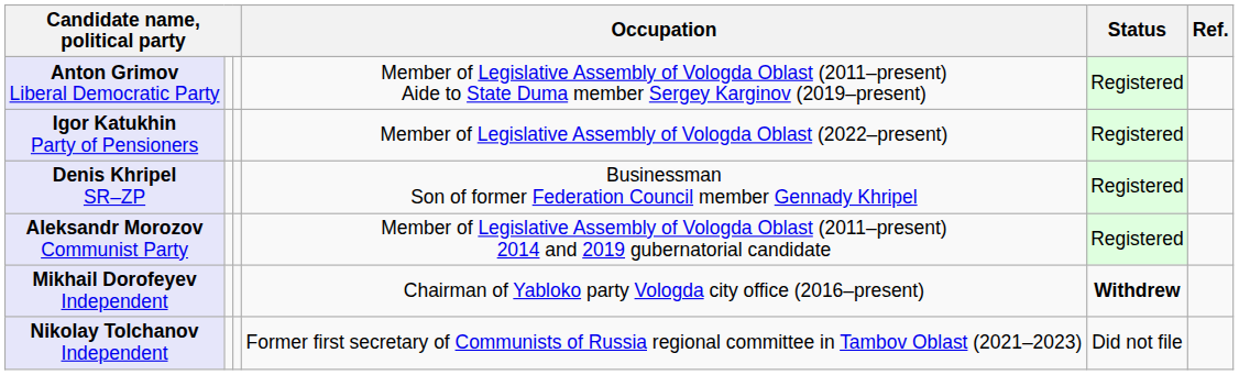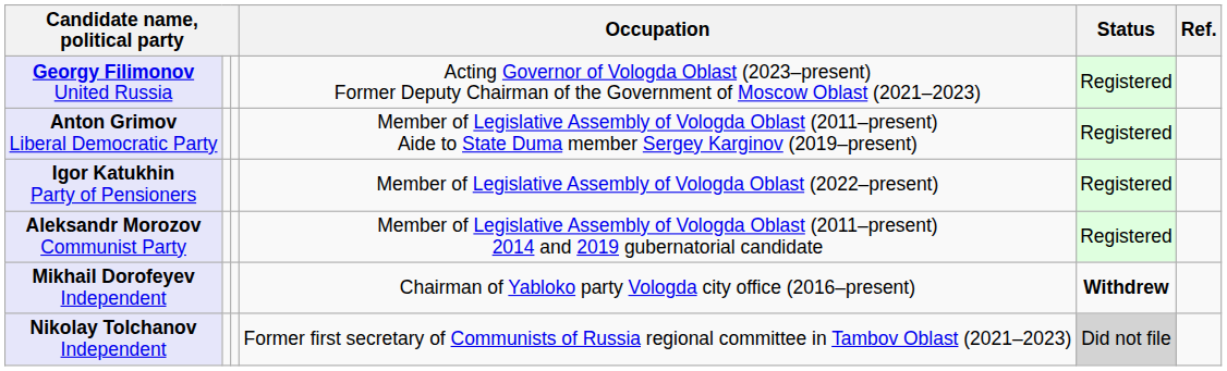 <table class="wikitable" style="text-align:center;">
 <tr>
 <th colspan="3">Candidate name,<br>political party</th>
 <th>Occupation</th>
 <th>Status</th>
 <th>Ref.</th>
+</tr>
+<tr>
+<td style="background:lavender;"><strong><a href='#'>Georgy Filimonov</a></strong><br><a href='#'>United Russia</a></td>
+<td style="background-color:"></td>
+<td></td>
+<td>Acting <a href='#'>Governor of Vologda Oblast</a> (2023–present)<br>Former Deputy Chairman of the Government of <a href='#'>Moscow Oblast</a> (2021–2023)</td>
+<td bgcolor="#DFFFDF">Registered</td>
+<td></td>
 </tr>
 <tr>
 <td style="background:lavender;"><strong>Anton Grimov</strong><br><a href='#'>Liberal Democratic Party</a></td>
 <td style="background-color:"></td>
 <td></td>
 <td>Member of <a href='#'>Legislative Assembly of Vologda Oblast</a> (2011–present)<br>Aide to <a href='#'>State Duma</a> member <a href='#'>Sergey Karginov</a> (2019–present)</td>
 <td bgcolor="#DFFFDF">Registered</td>
 <td></td>
 </tr>
 <tr>
 <td style="background:lavender;"><strong>Igor Katukhin</strong><br><a href='#'>Party of Pensioners</a></td>
 <td style="background-color:"></td>
 <td></td>
 <td>Member of <a href='#'>Legislative Assembly of Vologda Oblast</a> (2022–present)</td>
-<td bgcolor="#DFFFDF">Registered</td>
-<td></td>
-</tr>
-<tr>
-<td style="background:lavender;"><strong>Denis Khripel</strong><br><a href='#'>SR–ZP</a></td>
-<td style="background-color:"></td>
-<td></td>
-<td>Businessman<br>Son of former <a href='#'>Federation Council</a> member <a href='#'>Gennady Khripel</a></td>
 <td bgcolor="#DFFFDF">Registered</td>
 <td></td>
 </tr>
 <tr>
 <td style="background:lavender;"><strong>Aleksandr Morozov</strong><br><a href='#'>Communist Party</a></td>
 <td style="background-color:"></td>
 <td></td>
 <td>Member of <a href='#'>Legislative Assembly of Vologda Oblast</a> (2011–present)<br><a href='#'>2014</a> and <a href='#'>2019</a> gubernatorial candidate</td>
 <td bgcolor="#DFFFDF">Registered</td>
 <td></td>
 </tr>
 <tr>
 <td style="background:lavender;"><strong>Mikhail Dorofeyev</strong><br><a href='#'>Independent</a></td>
 <td style="background-color:"></td>
 <td></td>
 <td>Chairman of <a href='#'>Yabloko</a> party <a href='#'>Vologda</a> city office (2016–present)</td>
 <td><strong>Withdrew</strong></td>
 <td></td>
 </tr>
 <tr>
 <td style="background:lavender;"><strong>Nikolay Tolchanov</strong><br><a href='#'>Independent</a></td>
 <td style="background-color:"></td>
 <td></td>
 <td>Former first secretary of <a href='#'>Communists of Russia</a> regional committee in <a href='#'>Tambov Oblast</a> (2021–2023)</td>
-<td>Did not file</td>
+<td style="background: lightgrey;">Did not file</td>
 <td></td>
 </tr>
 </table>
